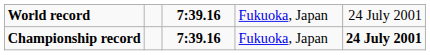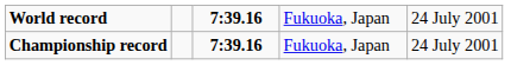 <table class="wikitable">
 <tr>
 <td><strong>World record</strong></td>
 <td style="padding-right:1em"></td>
 <td style="text-align:center;padding-left:1em; padding-right:1em;"><strong>7:39.16</strong></td>
 <td style="padding-right:1em"><a href='#'>Fukuoka</a>, Japan</td>
 <td align=right>24 July 2001</td>
 </tr>
 <tr>
 <td><strong>Championship record</strong></td>
 <td style="padding-right:1em"></td>
 <td style="text-align:center;padding-left:1em; padding-right:1em;"><strong>7:39.16</strong></td>
 <td style="padding-right:1em"><a href='#'>Fukuoka</a>, Japan</td>
-<td align=right><strong>24 July 2001</strong></td>
+<td align=right>24 July 2001</td>
 </tr>
 </table>
